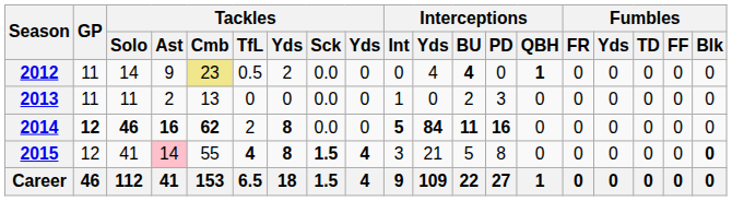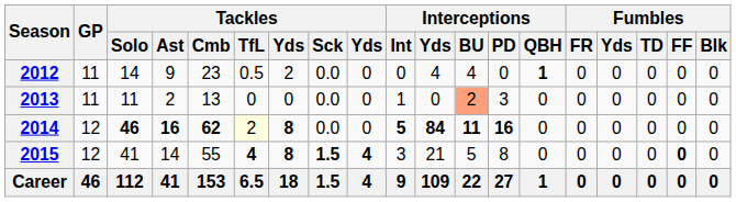 <table class=wikitable style="text-align:center;">
 <tr>
 <th rowspan="2">Season</th>
 <th rowspan="2">GP</th>
 <th colspan="7">Tackles</th>
 <th colspan="5">Interceptions</th>
 <th colspan="5">Fumbles</th>
 </tr>
 <tr>
 <th>Solo</th>
 <th>Ast</th>
 <th>Cmb</th>
 <th>TfL</th>
 <th>Yds</th>
 <th>Sck</th>
 <th>Yds</th>
 <th>Int</th>
 <th>Yds</th>
 <th>BU</th>
 <th>PD</th>
 <th>QBH</th>
 <th>FR</th>
 <th>Yds</th>
 <th>TD</th>
 <th>FF</th>
 <th>Blk</th>
 </tr>
 <tr>
 <th><a href='#'>2012</a></th>
 <td>11</td>
 <td>14</td>
 <td>9</td>
-<td style="background: khaki;">23</td>
+<td>23</td>
 <td>0.5</td>
 <td>2</td>
 <td>0.0</td>
 <td>0</td>
 <td>0</td>
 <td>4</td>
-<td><strong>4</strong></td>
+<td>4</td>
 <td>0</td>
 <td><strong>1</strong></td>
 <td>0</td>
 <td>0</td>
 <td>0</td>
 <td>0</td>
 <td>0</td>
 </tr>
 <tr>
 <th><a href='#'>2013</a></th>
 <td>11</td>
 <td>11</td>
 <td>2</td>
 <td>13</td>
 <td>0</td>
 <td>0</td>
 <td>0.0</td>
 <td>0</td>
 <td>1</td>
 <td>0</td>
-<td>2</td>
+<td style="background: lightsalmon;">2</td>
 <td>3</td>
 <td>0</td>
 <td>0</td>
 <td>0</td>
 <td>0</td>
 <td>0</td>
 <td>0</td>
 </tr>
 <tr>
 <th><a href='#'>2014</a></th>
-<td><strong>12</strong></td>
+<td>12</td>
 <td><strong>46</strong></td>
 <td><strong>16</strong></td>
 <td><strong>62</strong></td>
-<td>2</td>
+<td style="background: lightyellow;">2</td>
 <td><strong>8</strong></td>
 <td>0.0</td>
 <td>0</td>
 <td><strong>5</strong></td>
 <td><strong>84</strong></td>
 <td><strong>11</strong></td>
 <td><strong>16</strong></td>
 <td>0</td>
 <td>0</td>
 <td>0</td>
 <td>0</td>
 <td>0</td>
 <td>0</td>
 </tr>
 <tr>
 <th><a href='#'>2015</a></th>
 <td>12</td>
 <td>41</td>
-<td style="background: pink;">14</td>
+<td>14</td>
 <td>55</td>
 <td><strong>4</strong></td>
 <td><strong>8</strong></td>
 <td><strong>1.5</strong></td>
 <td><strong>4</strong></td>
 <td>3</td>
 <td>21</td>
 <td>5</td>
 <td>8</td>
 <td>0</td>
 <td>0</td>
 <td>0</td>
 <td>0</td>
+<td><strong>0</strong></td>
 <td>0</td>
-<td><strong>0</strong></td>
 </tr>
 <tr>
 <th>Career</th>
 <th>46</th>
 <th>112</th>
 <th>41</th>
 <th>153</th>
 <th>6.5</th>
 <th>18</th>
 <th>1.5</th>
 <th>4</th>
 <th>9</th>
 <th>109</th>
 <th>22</th>
 <th>27</th>
 <th>1</th>
 <th>0</th>
 <th>0</th>
 <th>0</th>
 <th>0</th>
 <th>0</th>
 </tr>
 </table>
